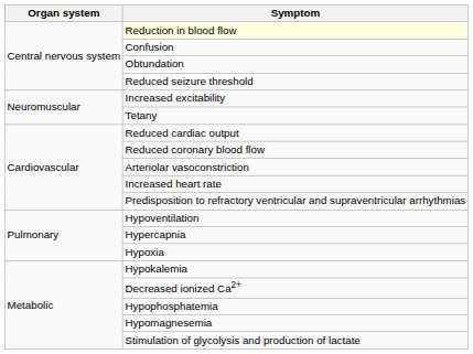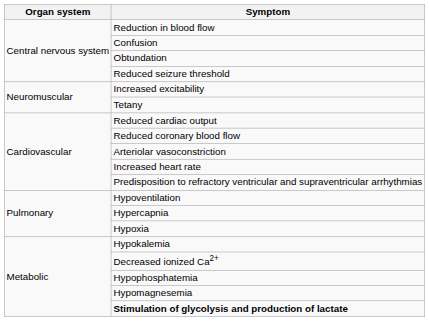 <table class="wikitable">
 <tr>
 <th>Organ system</th>
 <th>Symptom</th>
 </tr>
 <tr>
 <td rowspan="4">Central nervous system</td>
-<td style="background: lightyellow;">Reduction in blood flow</td>
+<td>Reduction in blood flow</td>
 </tr>
 <tr>
 <td>Confusion</td>
 </tr>
 <tr>
 <td>Obtundation</td>
 </tr>
 <tr>
 <td>Reduced seizure threshold</td>
 </tr>
 <tr>
 <td rowspan="2">Neuromuscular</td>
 <td>Increased excitability</td>
 </tr>
 <tr>
 <td>Tetany</td>
 </tr>
 <tr>
 <td rowspan="5">Cardiovascular</td>
 <td>Reduced cardiac output</td>
 </tr>
 <tr>
 <td>Reduced coronary blood flow</td>
 </tr>
 <tr>
 <td>Arteriolar vasoconstriction</td>
 </tr>
 <tr>
 <td>Increased heart rate</td>
 </tr>
 <tr>
 <td>Predisposition to refractory ventricular and supraventricular arrhythmias</td>
 </tr>
 <tr>
 <td rowspan="3">Pulmonary</td>
 <td>Hypoventilation</td>
 </tr>
 <tr>
 <td>Hypercapnia</td>
 </tr>
 <tr>
 <td>Hypoxia</td>
 </tr>
 <tr>
 <td rowspan="5">Metabolic</td>
 <td>Hypokalemia</td>
 </tr>
 <tr>
 <td>Decreased ionized Ca<sup>2+</sup></td>
 </tr>
 <tr>
 <td>Hypophosphatemia</td>
 </tr>
 <tr>
 <td>Hypomagnesemia</td>
 </tr>
 <tr>
-<td>Stimulation of glycolysis and production of lactate</td>
+<td><strong>Stimulation of glycolysis and production of lactate</strong></td>
 </tr>
 </table>
